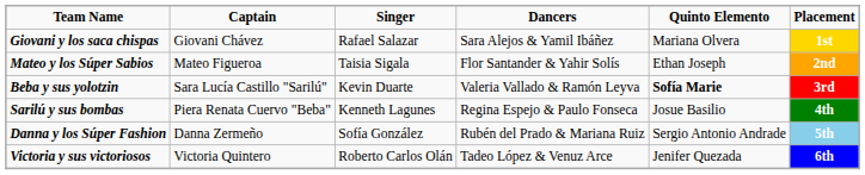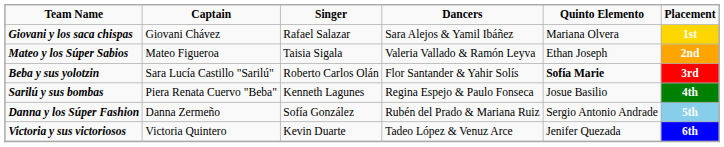 <table border="2" cellpadding="4" cellspacing="0" style="margin:1em auto; background: #f9f9f9; border: 2px #aaa solid; border-collapse: collapse; font-size: 100%;">
 <tr>
 <th>Team Name</th>
 <th>Captain</th>
 <th>Singer</th>
 <th>Dancers</th>
 <th>Quinto Elemento</th>
 <th>Placement</th>
 </tr>
 <tr>
 <td><strong><em>Giovani y los saca chispas</em></strong><br></td>
 <td>Giovani Chávez</td>
 <td>Rafael Salazar</td>
 <td>Sara Alejos & Yamil Ibáñez</td>
 <td>Mariana Olvera</td>
 <td rowspan="1" style="background:gold;color:White;text-align:center;"><strong>1st</strong></td>
 </tr>
 <tr>
 <td><strong><em>Mateo y los Súper Sabios</em></strong><br></td>
 <td>Mateo Figueroa</td>
 <td>Taisia Sigala</td>
-<td>Flor Santander & Yahir Solís</td>
+<td>Valeria Vallado & Ramón Leyva</td>
 <td>Ethan Joseph</td>
 <td rowspan="1" style="background:Orange;color:White;text-align:center;"><strong>2nd</strong></td>
 </tr>
 <tr>
 <td><strong><em>Beba y sus yolotzin</em></strong><br></td>
 <td>Sara Lucía Castillo "Sarilú"</td>
-<td>Kevin Duarte</td>
-<td>Valeria Vallado & Ramón Leyva</td>
+<td>Roberto Carlos Olán</td>
+<td>Flor Santander & Yahir Solís</td>
 <td><strong>Sofía Marie</strong></td>
 <td rowspan="1" style="background:Red;color:White;text-align:center;"><strong>3rd</strong></td>
 </tr>
 <tr>
 <td><strong><em>Sarilú y sus bombas</em></strong><br></td>
 <td>Piera Renata Cuervo "Beba"</td>
 <td>Kenneth Lagunes</td>
 <td>Regina Espejo & Paulo Fonseca</td>
 <td>Josue Basilio</td>
 <td rowspan="1" style="background:Green;color:White;text-align:center;"><strong>4th</strong></td>
 </tr>
 <tr>
 <td><strong><em>Danna y los Súper Fashion</em></strong><br></td>
 <td>Danna Zermeño</td>
 <td>Sofía González</td>
 <td>Rubén del Prado & Mariana Ruiz</td>
 <td>Sergio Antonio Andrade</td>
 <td style="background:skyblue;color:White;text-align:center;"><strong>5th</strong></td>
 </tr>
 <tr>
 <td><strong><em>Victoria y sus victoriosos</em></strong><br></td>
 <td>Victoria Quintero</td>
-<td>Roberto Carlos Olán</td>
+<td>Kevin Duarte</td>
 <td>Tadeo López & Venuz Arce</td>
 <td>Jenifer Quezada</td>
 <td rowspan="1" style="background:Blue;color:White;text-align:center;"><strong>6th</strong></td>
 </tr>
 <tr>
 </tr>
 </table>
